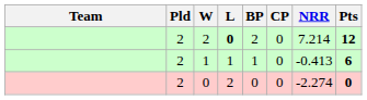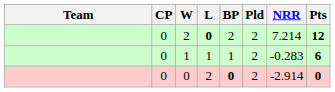 <table class="wikitable" style="text-align:center">
 <tr>
 <th width=175>Team</th>
-<th width=20 abbr="Played">Pld</th>
+<th width=20 abbr="Consolation Points">CP</th>
 <th width=20 abbr="Won">W</th>
 <th width=20 abbr="Lost">L</th>
 <th width=20 abbr="Bonus points">BP</th>
-<th width=20 abbr="Consolation Points">CP</th>
+<th width=20 abbr="Played">Pld</th>
 <th width=20 abbr="Net run rate"><a href='#'>NRR</a></th>
 <th width=20 abbr="Points">Pts</th>
 </tr>
 <tr bgcolor="#ccffcc">
 <td align="left"></td>
-<td>2</td>
+<td>0</td>
 <td>2</td>
 <td><strong>0</strong></td>
 <td>2</td>
-<td>0</td>
+<td>2</td>
 <td>7.214</td>
 <td><strong>12</strong></td>
 </tr>
 <tr bgcolor="#ccffcc">
 <td align="left"></td>
-<td>2</td>
+<td>0</td>
 <td>1</td>
 <td>1</td>
 <td>1</td>
-<td>0</td>
-<td>-0.413</td>
+<td>2</td>
+<td>-0.283</td>
 <td><strong>6</strong></td>
 </tr>
 <tr bgcolor="#ffcccc">
 <td align="left"></td>
-<td>2</td>
+<td>0</td>
 <td>0</td>
 <td>2</td>
-<td>0</td>
-<td>0</td>
-<td>-2.274</td>
+<td><strong>0</strong></td>
+<td>2</td>
+<td>-2.914</td>
 <td><strong>0</strong></td>
 </tr>
 </table>
